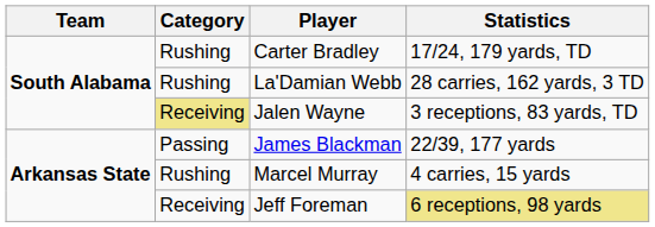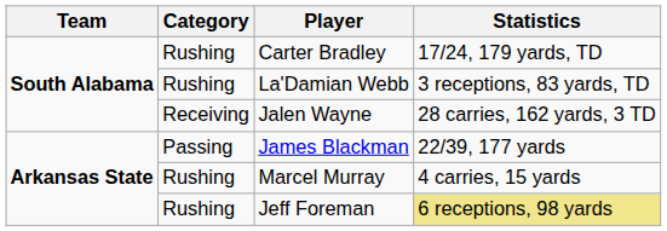 <table class="wikitable" style="float: right;">
 <tr>
 <th>Team</th>
 <th>Category</th>
 <th>Player</th>
 <th>Statistics</th>
 </tr>
 <tr>
 <td rowspan=3><strong>South Alabama</strong></td>
 <td>Rushing</td>
 <td>Carter Bradley</td>
 <td>17/24, 179 yards, TD</td>
 </tr>
 <tr>
 <td>Rushing</td>
 <td>La'Damian Webb</td>
-<td>28 carries, 162 yards, 3 TD</td>
+<td>3 receptions, 83 yards, TD</td>
 </tr>
 <tr>
-<td style="background: khaki;">Receiving</td>
+<td>Receiving</td>
 <td>Jalen Wayne</td>
-<td>3 receptions, 83 yards, TD</td>
+<td>28 carries, 162 yards, 3 TD</td>
 </tr>
 <tr>
 <td rowspan=3><strong>Arkansas State</strong></td>
 <td>Passing</td>
 <td><a href='#'>James Blackman</a></td>
 <td>22/39, 177 yards</td>
 </tr>
 <tr>
 <td>Rushing</td>
 <td>Marcel Murray</td>
 <td>4 carries, 15 yards</td>
 </tr>
 <tr>
-<td>Receiving</td>
+<td>Rushing</td>
 <td>Jeff Foreman</td>
 <td style="background: khaki;">6 receptions, 98 yards</td>
 </tr>
 </table>
